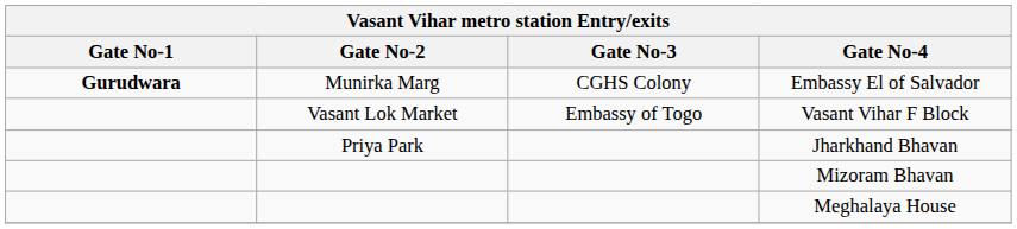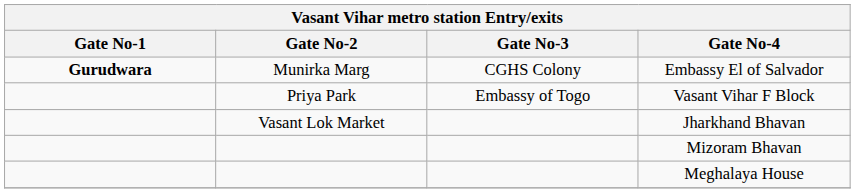 <table class="wikitable" style="text-align: center;" width="65%">
 <tr>
 <th align="center" colspan="5" style="background:#"><span>Vasant Vihar metro station Entry/exits</span></th>
 </tr>
 <tr>
 <th style="width:15%;">Gate No-1</th>
 <th style="width:15%;">Gate No-2 </th>
 <th style="width:15%;">Gate No-3</th>
 <th style="width:15%;">Gate No-4 </th>
 </tr>
 <tr>
 <td><strong>Gurudwara</strong></td>
 <td>Munirka Marg</td>
 <td>CGHS Colony</td>
 <td>Embassy El of Salvador</td>
 </tr>
 <tr>
 <td></td>
-<td>Vasant Lok Market</td>
+<td>Priya Park</td>
 <td>Embassy of Togo</td>
 <td>Vasant Vihar F Block</td>
 </tr>
 <tr>
 <td></td>
-<td>Priya Park</td>
+<td>Vasant Lok Market</td>
 <td></td>
 <td>Jharkhand Bhavan</td>
 </tr>
 <tr>
 <td></td>
 <td></td>
 <td></td>
 <td>Mizoram Bhavan</td>
 </tr>
 <tr>
 <td></td>
 <td></td>
 <td></td>
 <td>Meghalaya House</td>
 </tr>
 <tr>
 </tr>
 </table>
